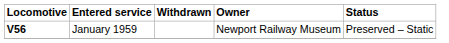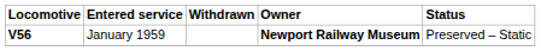 <table class="wikitable">
 <tr bgcolor="#FFFFFF">
 <td><strong>Locomotive</strong></td>
 <td><strong>Entered service</strong></td>
 <td><strong>Withdrawn</strong></td>
 <td><strong>Owner</strong></td>
 <td><strong>Status</strong></td>
 </tr>
 <tr bgcolor="#FFFFFF">
 <td><strong>V56</strong></td>
 <td>January 1959</td>
 <td></td>
-<td>Newport Railway Museum</td>
+<td><strong>Newport Railway Museum</strong></td>
 <td>Preserved – Static</td>
 </tr>
 <tr bgcolor="#FFFFFF">
 </tr>
 </table>
